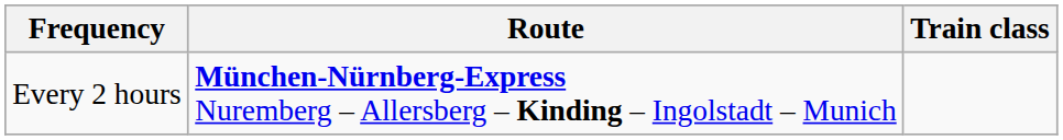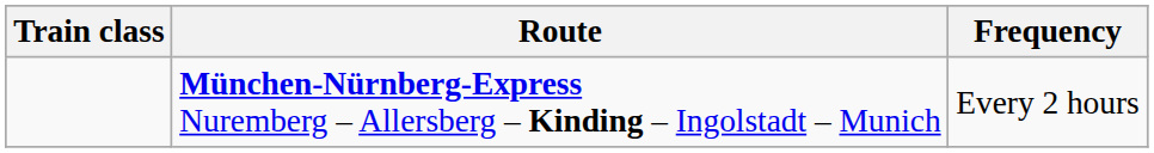 <table class="wikitable">
 <tr>
+<th>Train class</th>
+<th>Route</th>
 <th>Frequency</th>
-<th>Route</th>
-<th>Train class</th>
 </tr>
 <tr>
+<td align="center"></td>
+<td><strong><a href='#'>München-Nürnberg-Express</a></strong><br><a href='#'>Nuremberg</a> – <a href='#'>Allersberg</a> – <strong>Kinding</strong> – <a href='#'>Ingolstadt</a> – <a href='#'>Munich</a></td>
 <td>Every 2 hours</td>
-<td><strong><a href='#'>München-Nürnberg-Express</a></strong><br><a href='#'>Nuremberg</a> – <a href='#'>Allersberg</a> – <strong>Kinding</strong> – <a href='#'>Ingolstadt</a> – <a href='#'>Munich</a></td>
-<td align="center"></td>
 </tr>
 </table>
